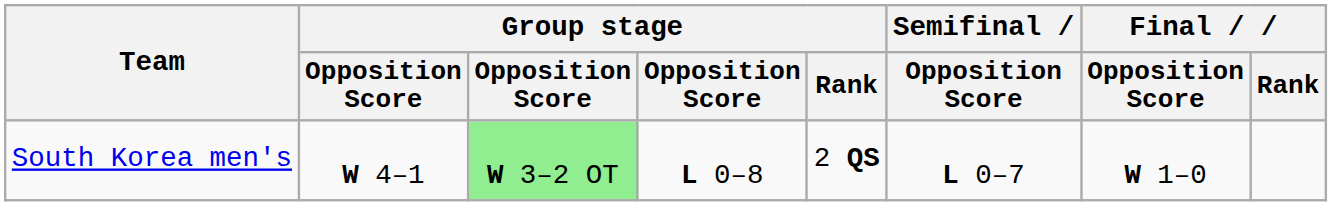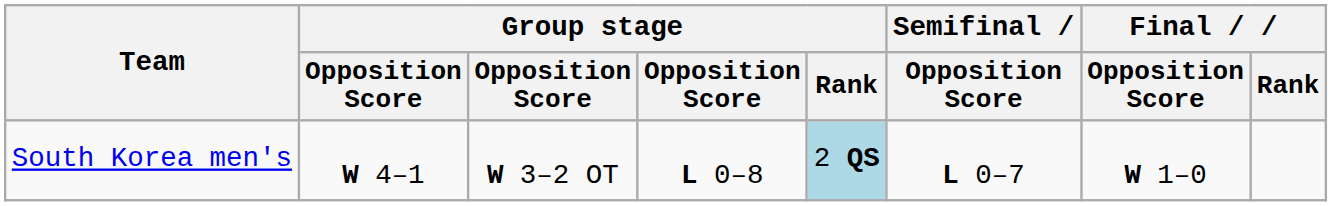 <table class="wikitable" style="font-size:90%">
 <tr>
 <th rowspan=2>Team</th>
 <th colspan=4>Group stage</th>
 <th>Semifinal / </th>
 <th colspan=2>Final /  / </th>
 </tr>
 <tr style="font-size:95%">
 <th>Opposition<br>Score</th>
 <th>Opposition<br>Score</th>
 <th>Opposition<br>Score</th>
 <th>Rank</th>
 <th>Opposition<br>Score</th>
 <th>Opposition<br>Score</th>
 <th>Rank</th>
 </tr>
 <tr align=center>
 <td align=left><a href='#'>South Korea men's</a></td>
 <td><br> <strong>W</strong> 4–1</td>
-<td style="background: lightgreen;"><br> <strong>W</strong> 3–2 OT</td>
+<td><br> <strong>W</strong> 3–2 OT</td>
 <td><br> <strong>L</strong> 0–8</td>
-<td>2 <strong>QS</strong></td>
+<td style="background: lightblue;">2 <strong>QS</strong></td>
 <td><br> <strong>L</strong> 0–7</td>
 <td><br> <strong>W</strong> 1–0</td>
 <td></td>
 </tr>
 </table>
